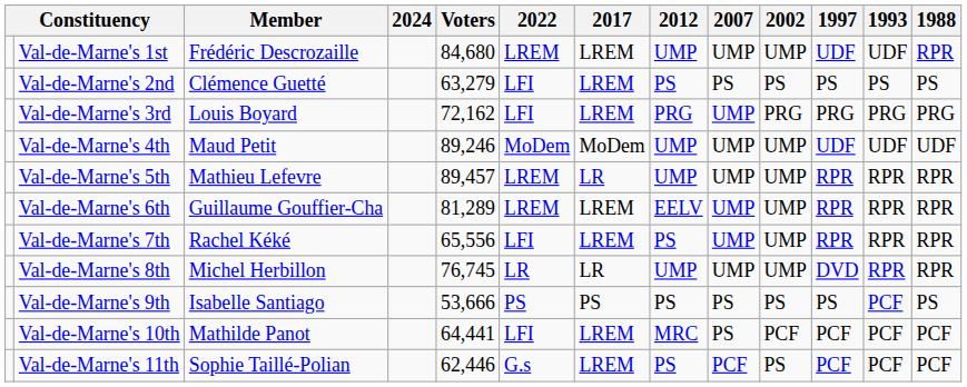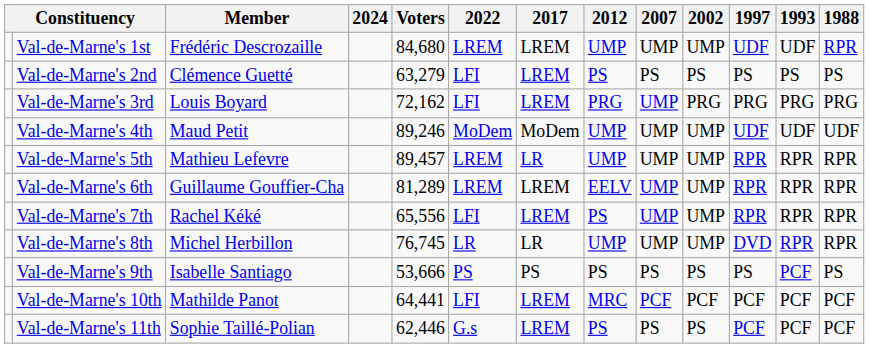 <table class="wikitable sortable">
 <tr>
 <th colspan="2">Constituency</th>
 <th>Member</th>
 <th>2024</th>
 <th>Voters</th>
 <th>2022</th>
 <th>2017</th>
 <th>2012</th>
 <th>2007</th>
 <th>2002</th>
 <th>1997</th>
 <th>1993</th>
 <th>1988</th>
 </tr>
 <tr>
 <td style="background-color: "></td>
 <td><a href='#'>Val-de-Marne's 1st</a></td>
 <td><a href='#'>Frédéric Descrozaille</a></td>
 <td></td>
 <td>84,680</td>
 <td><a href='#'>LREM</a></td>
 <td>LREM</td>
 <td><a href='#'>UMP</a></td>
 <td>UMP</td>
 <td>UMP</td>
 <td><a href='#'>UDF</a></td>
 <td>UDF</td>
 <td><a href='#'>RPR</a></td>
 </tr>
 <tr>
 <td style="background-color: "></td>
 <td><a href='#'>Val-de-Marne's 2nd</a></td>
 <td><a href='#'>Clémence Guetté</a></td>
 <td></td>
 <td>63,279</td>
 <td><a href='#'>LFI</a></td>
 <td><a href='#'>LREM</a></td>
 <td><a href='#'>PS</a></td>
 <td>PS</td>
 <td>PS</td>
 <td>PS</td>
 <td>PS</td>
 <td>PS</td>
 </tr>
 <tr>
 <td style="background-color: "></td>
 <td><a href='#'>Val-de-Marne's 3rd</a></td>
 <td><a href='#'>Louis Boyard</a></td>
 <td></td>
 <td>72,162</td>
 <td><a href='#'>LFI</a></td>
 <td><a href='#'>LREM</a></td>
 <td><a href='#'>PRG</a></td>
 <td><a href='#'>UMP</a></td>
 <td>PRG</td>
 <td>PRG</td>
 <td>PRG</td>
 <td>PRG</td>
 </tr>
 <tr>
 <td style="background-color: "></td>
 <td><a href='#'>Val-de-Marne's 4th</a></td>
 <td><a href='#'>Maud Petit</a></td>
 <td></td>
 <td>89,246</td>
 <td><a href='#'>MoDem</a></td>
 <td>MoDem</td>
 <td><a href='#'>UMP</a></td>
 <td>UMP</td>
 <td>UMP</td>
 <td><a href='#'>UDF</a></td>
 <td>UDF</td>
 <td>UDF</td>
 </tr>
 <tr>
 <td style="background-color: "></td>
 <td><a href='#'>Val-de-Marne's 5th</a></td>
 <td><a href='#'>Mathieu Lefevre</a></td>
 <td></td>
 <td>89,457</td>
 <td><a href='#'>LREM</a></td>
 <td><a href='#'>LR</a></td>
 <td><a href='#'>UMP</a></td>
 <td>UMP</td>
 <td>UMP</td>
 <td><a href='#'>RPR</a></td>
 <td>RPR</td>
 <td>RPR</td>
 </tr>
 <tr>
 <td style="background-color: "></td>
 <td><a href='#'>Val-de-Marne's 6th</a></td>
 <td><a href='#'>Guillaume Gouffier-Cha</a></td>
 <td></td>
 <td>81,289</td>
 <td><a href='#'>LREM</a></td>
 <td>LREM</td>
 <td><a href='#'>EELV</a></td>
 <td><a href='#'>UMP</a></td>
 <td>UMP</td>
 <td><a href='#'>RPR</a></td>
 <td>RPR</td>
 <td>RPR</td>
 </tr>
 <tr>
 <td style="background-color: "></td>
 <td><a href='#'>Val-de-Marne's 7th</a></td>
 <td><a href='#'>Rachel Kéké</a></td>
 <td></td>
 <td>65,556</td>
 <td><a href='#'>LFI</a></td>
 <td><a href='#'>LREM</a></td>
 <td><a href='#'>PS</a></td>
 <td><a href='#'>UMP</a></td>
 <td>UMP</td>
 <td><a href='#'>RPR</a></td>
 <td>RPR</td>
 <td>RPR</td>
 </tr>
 <tr>
 <td style="background-color: "></td>
 <td><a href='#'>Val-de-Marne's 8th</a></td>
 <td><a href='#'>Michel Herbillon</a></td>
 <td></td>
 <td>76,745</td>
 <td><a href='#'>LR</a></td>
 <td>LR</td>
 <td><a href='#'>UMP</a></td>
 <td>UMP</td>
 <td>UMP</td>
 <td><a href='#'>DVD</a></td>
 <td><a href='#'>RPR</a></td>
 <td>RPR</td>
 </tr>
 <tr>
 <td style="background-color: "></td>
 <td><a href='#'>Val-de-Marne's 9th</a></td>
 <td><a href='#'>Isabelle Santiago</a></td>
 <td></td>
 <td>53,666</td>
 <td><a href='#'>PS</a></td>
 <td>PS</td>
 <td>PS</td>
 <td>PS</td>
 <td>PS</td>
 <td>PS</td>
 <td><a href='#'>PCF</a></td>
 <td>PS</td>
 </tr>
 <tr>
 <td style="background-color: "></td>
 <td><a href='#'>Val-de-Marne's 10th</a></td>
 <td><a href='#'>Mathilde Panot</a></td>
 <td></td>
 <td>64,441</td>
 <td><a href='#'>LFI</a></td>
 <td><a href='#'>LREM</a></td>
 <td><a href='#'>MRC</a></td>
-<td>PS</td>
+<td><a href='#'>PCF</a></td>
 <td>PCF</td>
 <td>PCF</td>
 <td>PCF</td>
 <td>PCF</td>
 </tr>
 <tr>
 <td style="background-color: "></td>
 <td><a href='#'>Val-de-Marne's 11th</a></td>
 <td><a href='#'>Sophie Taillé-Polian</a></td>
 <td></td>
 <td>62,446</td>
 <td><a href='#'>G.s</a></td>
 <td><a href='#'>LREM</a></td>
 <td><a href='#'>PS</a></td>
-<td><a href='#'>PCF</a></td>
+<td>PS</td>
 <td>PS</td>
 <td><a href='#'>PCF</a></td>
 <td>PCF</td>
 <td>PCF</td>
 </tr>
 </table>
